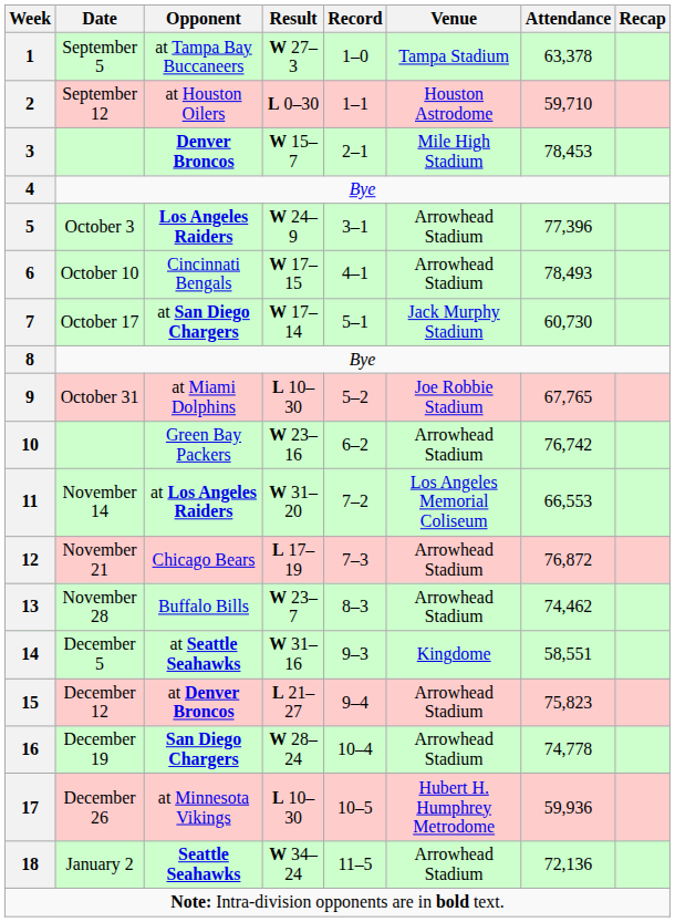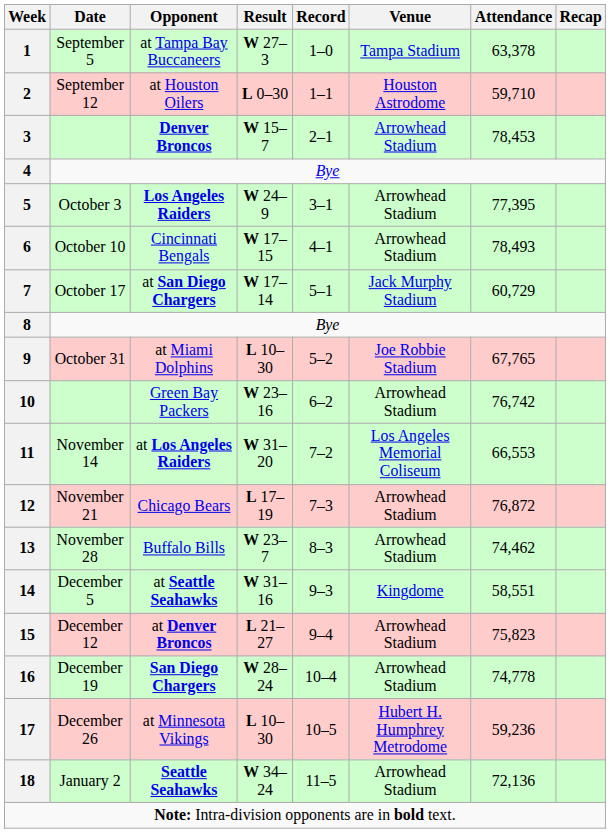 <table class="wikitable" style="text-align:center">
 <tr>
 <th>Week</th>
 <th>Date</th>
 <th>Opponent</th>
 <th>Result</th>
 <th>Record</th>
 <th>Venue</th>
 <th>Attendance</th>
 <th>Recap</th>
 </tr>
 <tr style="background:#cfc">
 <th>1</th>
 <td>September 5</td>
 <td>at <a href='#'>Tampa Bay Buccaneers</a></td>
 <td><strong>W</strong> 27–3</td>
 <td>1–0</td>
 <td><a href='#'>Tampa Stadium</a></td>
 <td>63,378</td>
 <td></td>
 </tr>
 <tr style="background:#fcc">
 <th>2</th>
 <td>September 12</td>
 <td>at <a href='#'>Houston Oilers</a></td>
 <td><strong>L</strong> 0–30</td>
 <td>1–1</td>
 <td><a href='#'>Houston Astrodome</a></td>
 <td>59,710</td>
 <td></td>
 </tr>
 <tr style="background:#cfc">
 <th>3</th>
 <td></td>
 <td><strong><a href='#'>Denver Broncos</a></strong></td>
 <td><strong>W</strong> 15–7</td>
 <td>2–1</td>
-<td><a href='#'>Mile High Stadium</a></td>
+<td><a href='#'>Arrowhead Stadium</a></td>
 <td>78,453</td>
 <td></td>
 </tr>
 <tr>
 <th>4</th>
 <td colspan="7"><em><a href='#'>Bye</a></em></td>
 </tr>
 <tr style="background:#cfc">
 <th>5</th>
 <td>October 3</td>
 <td><strong><a href='#'>Los Angeles Raiders</a></strong></td>
 <td><strong>W</strong> 24–9</td>
 <td>3–1</td>
 <td>Arrowhead Stadium</td>
-<td>77,396</td>
+<td>77,395</td>
 <td></td>
 </tr>
 <tr style="background:#cfc">
 <th>6</th>
 <td>October 10</td>
 <td><a href='#'>Cincinnati Bengals</a></td>
 <td><strong>W</strong> 17–15</td>
 <td>4–1</td>
 <td>Arrowhead Stadium</td>
 <td>78,493</td>
 <td></td>
 </tr>
 <tr style="background:#cfc">
 <th>7</th>
 <td>October 17</td>
 <td>at <strong><a href='#'>San Diego Chargers</a></strong></td>
 <td><strong>W</strong> 17–14</td>
 <td>5–1</td>
 <td><a href='#'>Jack Murphy Stadium</a></td>
-<td>60,730</td>
+<td>60,729</td>
 <td></td>
 </tr>
 <tr>
 <th>8</th>
 <td colspan="7"><em>Bye</em></td>
 </tr>
 <tr style="background:#fcc">
 <th>9</th>
 <td>October 31</td>
 <td>at <a href='#'>Miami Dolphins</a></td>
 <td><strong>L</strong> 10–30</td>
 <td>5–2</td>
 <td><a href='#'>Joe Robbie Stadium</a></td>
 <td>67,765</td>
 <td></td>
 </tr>
 <tr style="background:#cfc">
 <th>10</th>
 <td></td>
 <td><a href='#'>Green Bay Packers</a></td>
 <td><strong>W</strong> 23–16</td>
 <td>6–2</td>
 <td>Arrowhead Stadium</td>
 <td>76,742</td>
 <td></td>
 </tr>
 <tr style="background:#cfc">
 <th>11</th>
 <td>November 14</td>
 <td>at <strong><a href='#'>Los Angeles Raiders</a></strong></td>
 <td><strong>W</strong> 31–20</td>
 <td>7–2</td>
 <td><a href='#'>Los Angeles Memorial Coliseum</a></td>
 <td>66,553</td>
 <td></td>
 </tr>
 <tr style="background:#fcc">
 <th>12</th>
 <td>November 21</td>
 <td><a href='#'>Chicago Bears</a></td>
 <td><strong>L</strong> 17–19</td>
 <td>7–3</td>
 <td>Arrowhead Stadium</td>
 <td>76,872</td>
 <td></td>
 </tr>
 <tr style="background:#cfc">
 <th>13</th>
 <td>November 28</td>
 <td><a href='#'>Buffalo Bills</a></td>
 <td><strong>W</strong> 23–7</td>
 <td>8–3</td>
 <td>Arrowhead Stadium</td>
 <td>74,462</td>
 <td></td>
 </tr>
 <tr style="background:#cfc">
 <th>14</th>
 <td>December 5</td>
 <td>at <strong><a href='#'>Seattle Seahawks</a></strong></td>
 <td><strong>W</strong> 31–16</td>
 <td>9–3</td>
 <td><a href='#'>Kingdome</a></td>
 <td>58,551</td>
 <td></td>
 </tr>
 <tr style="background:#fcc">
 <th>15</th>
 <td>December 12</td>
 <td>at <strong><a href='#'>Denver Broncos</a></strong></td>
 <td><strong>L</strong> 21–27</td>
 <td>9–4</td>
 <td>Arrowhead Stadium</td>
 <td>75,823</td>
 <td></td>
 </tr>
 <tr style="background:#cfc">
 <th>16</th>
 <td>December 19</td>
 <td><strong><a href='#'>San Diego Chargers</a></strong></td>
 <td><strong>W</strong> 28–24</td>
 <td>10–4</td>
 <td>Arrowhead Stadium</td>
 <td>74,778</td>
 <td></td>
 </tr>
 <tr style="background:#fcc">
 <th>17</th>
 <td>December 26</td>
 <td>at <a href='#'>Minnesota Vikings</a></td>
 <td><strong>L</strong> 10–30</td>
 <td>10–5</td>
 <td><a href='#'>Hubert H. Humphrey Metrodome</a></td>
-<td>59,936</td>
+<td>59,236</td>
 <td></td>
 </tr>
 <tr style="background:#cfc">
 <th>18</th>
 <td>January 2</td>
 <td><strong><a href='#'>Seattle Seahawks</a></strong></td>
 <td><strong>W</strong> 34–24</td>
 <td>11–5</td>
 <td>Arrowhead Stadium</td>
 <td>72,136</td>
 <td></td>
 </tr>
 <tr>
 <td colspan="8"><strong>Note:</strong> Intra-division opponents are in <strong>bold</strong> text.</td>
 </tr>
 </table>
